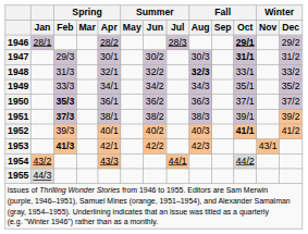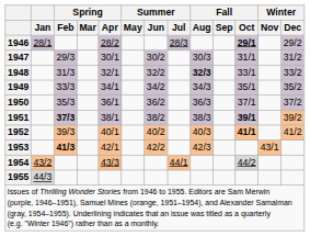 <table class="wikitable" style="font-size: 10pt; line-height: 11pt; margin-left: 2em; text-align: center; float: right">
 <tr>
 <th></th>
 <th></th>
 <th colspan="3">Spring</th>
 <th colspan="3">Summer</th>
 <th colspan="3">Fall</th>
 <th colspan="2">Winter</th>
 </tr>
 <tr>
 <th></th>
 <th>Jan</th>
 <th>Feb</th>
 <th>Mar</th>
 <th>Apr</th>
 <th>May</th>
 <th>Jun</th>
 <th>Jul</th>
 <th>Aug</th>
 <th>Sep</th>
 <th>Oct</th>
 <th>Nov</th>
 <th>Dec</th>
 </tr>
 <tr>
 <th>1946</th>
 <td bgcolor=#ccc0d0><u>28/1</u></td>
 <td></td>
 <td></td>
 <td bgcolor=#ccc0d0><u>28/2</u></td>
 <td></td>
 <td></td>
 <td bgcolor=#ccc0d0><u>28/3</u></td>
 <td></td>
 <td></td>
 <td bgcolor=#ccc0d0><strong><u>29/1</u></strong></td>
 <td></td>
 <td bgcolor=#ccc0d0>29/2</td>
 </tr>
 <tr>
 <th>1947</th>
 <td></td>
 <td bgcolor=#ccc0d0>29/3</td>
 <td></td>
 <td bgcolor=#ccc0d0>30/1</td>
 <td></td>
 <td bgcolor=#ccc0d0>30/2</td>
 <td></td>
 <td bgcolor=#ccc0d0>30/3</td>
 <td></td>
-<td bgcolor=#ccc0d0><strong>31/1</strong></td>
+<td bgcolor=#ccc0d0>31/1</td>
 <td></td>
 <td bgcolor=#ccc0d0>31/2</td>
 </tr>
 <tr>
 <th>1948</th>
 <td></td>
 <td bgcolor=#ccc0d0>31/3</td>
 <td></td>
 <td bgcolor=#ccc0d0>32/1</td>
 <td></td>
 <td bgcolor=#ccc0d0>32/2</td>
 <td></td>
 <td bgcolor=#ccc0d0><strong>32/3</strong></td>
 <td></td>
 <td bgcolor=#ccc0d0>33/1</td>
 <td></td>
 <td bgcolor=#ccc0d0>33/2</td>
 </tr>
 <tr>
 <th>1949</th>
 <td></td>
 <td bgcolor=#ccc0d0>33/3</td>
 <td></td>
 <td bgcolor=#ccc0d0>34/1</td>
 <td></td>
 <td bgcolor=#ccc0d0>34/2</td>
 <td></td>
 <td bgcolor=#ccc0d0>34/3</td>
 <td></td>
 <td bgcolor=#ccc0d0>35/1</td>
 <td></td>
 <td bgcolor=#ccc0d0>35/2</td>
 </tr>
 <tr>
 <th>1950</th>
 <td></td>
-<td bgcolor=#ccc0d0><strong>35/3</strong></td>
+<td bgcolor=#ccc0d0>35/3</td>
 <td></td>
 <td bgcolor=#ccc0d0>36/1</td>
 <td></td>
 <td bgcolor=#ccc0d0>36/2</td>
 <td></td>
 <td bgcolor=#ccc0d0>36/3</td>
 <td></td>
 <td bgcolor=#ccc0d0>37/1</td>
 <td></td>
 <td bgcolor=#ccc0d0>37/2</td>
 </tr>
 <tr>
 <th>1951</th>
 <td></td>
 <td bgcolor=#ccc0d0><strong>37/3</strong></td>
 <td></td>
 <td bgcolor=#ccc0d0>38/1</td>
 <td></td>
 <td bgcolor=#ccc0d0>38/2</td>
 <td></td>
 <td bgcolor=#ccc0d0>38/3</td>
 <td></td>
-<td bgcolor=#ccc0d0>39/1</td>
+<td bgcolor=#ccc0d0><strong>39/1</strong></td>
 <td></td>
 <td bgcolor=#fac090>39/2</td>
 </tr>
 <tr>
 <th>1952</th>
 <td></td>
 <td bgcolor=#fac090>39/3</td>
 <td></td>
 <td bgcolor=#fac090>40/1</td>
 <td></td>
 <td bgcolor=#fac090>40/2</td>
 <td></td>
 <td bgcolor=#fac090>40/3</td>
 <td></td>
 <td bgcolor=#fac090><strong>41/1</strong></td>
 <td></td>
 <td bgcolor=#fac090>41/2</td>
 </tr>
 <tr>
 <th>1953</th>
 <td></td>
 <td bgcolor=#fac090><strong>41/3</strong></td>
 <td></td>
 <td bgcolor=#fac090>42/1</td>
 <td></td>
 <td bgcolor=#fac090>42/2</td>
 <td></td>
 <td bgcolor=#fac090>42/3</td>
 <td></td>
 <td></td>
 <td bgcolor=#fac090>43/1</td>
 <td></td>
 </tr>
 <tr>
 <th>1954</th>
 <td bgcolor=#fac090><u>43/2</u></td>
 <td></td>
 <td></td>
 <td bgcolor=#fac090><u>43/3</u></td>
 <td></td>
 <td></td>
 <td bgcolor=#fac090><u>44/1</u></td>
 <td></td>
 <td></td>
 <td bgcolor=#d8d8d8><u>44/2</u></td>
 <td></td>
 <td></td>
 </tr>
 <tr>
 <th>1955</th>
 <td bgcolor=#d8d8d8><u>44/3</u></td>
 <td></td>
 <td></td>
 <td></td>
 <td></td>
 <td></td>
 <td></td>
 <td></td>
 <td></td>
 <td></td>
 <td></td>
 <td></td>
 </tr>
 <tr>
 <td colspan="13" style="font-size: 8pt; text-align:left">Issues of <em>Thrilling Wonder Stories</em> from 1946 to 1955. Editors are Sam Merwin<br>(purple, 1946–1951), Samuel Mines (orange, 1951–1954), and Alexander Samalman<br>(gray, 1954–1955).  Underlining indicates that an issue was titled as a quarterly<br>(e.g. "Winter 1946") rather than as a monthly.</td>
 </tr>
 </table>
